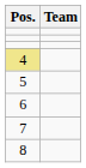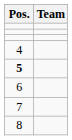 <table class="wikitable sortable" style="text-align:center;">
 <tr bgcolor="#efefef">
 <th style="width:2em;">Pos.</th>
 <th>Team</th>
 </tr>
 <tr>
 <td></td>
 <td colspan="2" align="left"></td>
 </tr>
 <tr>
 <td></td>
 <td colspan="2" align="left"></td>
 </tr>
 <tr>
 <td></td>
 <td colspan="2" align="left"></td>
 </tr>
 <tr>
-<td style="background: khaki;">4</td>
+<td>4</td>
 <td colspan="2" align="left"></td>
 </tr>
 <tr>
-<td>5</td>
+<td><strong>5</strong></td>
 <td colspan="2" align="left"></td>
 </tr>
 <tr>
 <td>6</td>
 <td colspan="2" align="left"></td>
 </tr>
 <tr>
 <td>7</td>
 <td colspan="2" align="left"></td>
 </tr>
 <tr>
 <td>8</td>
 <td colspan="2" align="left"></td>
 </tr>
 </table>
